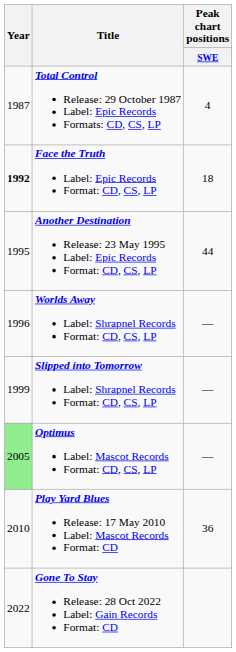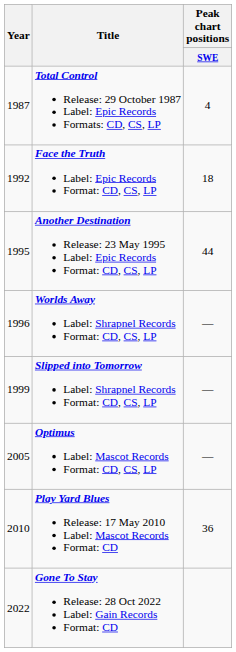 <table class="wikitable">
 <tr>
 <th rowspan="2">Year</th>
 <th rowspan="2">Title</th>
 <th colspan="1">Peak chart positions</th>
 </tr>
 <tr>
 <th width="30"><small><a href='#'>SWE</a></small><br></th>
 </tr>
 <tr>
 <td rowspan="1" align="center">1987</td>
 <td><strong><em><a href='#'>Total Control</a></em></strong><br><ul><li>Release:  29 October 1987</li><li>Label: <a href='#'>Epic Records</a></li><li>Formats: <a href='#'>CD</a>, <a href='#'>CS</a>, <a href='#'>LP</a></li></ul></td>
 <td align="center">4</td>
 </tr>
 <tr>
-<td rowspan="1" align="center"><strong>1992</strong></td>
+<td rowspan="1" align="center">1992</td>
 <td><strong><em><a href='#'>Face the Truth</a></em></strong><br><ul><li>Label: <a href='#'>Epic Records</a></li><li>Format: <a href='#'>CD</a>, <a href='#'>CS</a>, <a href='#'>LP</a></li></ul></td>
 <td align="center">18</td>
 </tr>
 <tr>
 <td rowspan="1" align="center">1995</td>
 <td><strong><em><a href='#'>Another Destination</a></em></strong><br><ul><li>Release:  23 May 1995</li><li>Label: <a href='#'>Epic Records</a></li><li>Format: <a href='#'>CD</a>, <a href='#'>CS</a>, <a href='#'>LP</a></li></ul></td>
 <td align="center">44</td>
 </tr>
 <tr>
 <td rowspan="1" align="center">1996</td>
 <td><strong><em><a href='#'>Worlds Away</a></em></strong><br><ul><li>Label: <a href='#'>Shrapnel Records</a></li><li>Format: <a href='#'>CD</a>, <a href='#'>CS</a>, <a href='#'>LP</a></li></ul></td>
 <td align="center">—</td>
 </tr>
 <tr>
 <td rowspan="1" align="center">1999</td>
 <td><strong><em><a href='#'>Slipped into Tomorrow</a></em></strong><br><ul><li>Label: <a href='#'>Shrapnel Records</a></li><li>Format: <a href='#'>CD</a>, <a href='#'>CS</a>, <a href='#'>LP</a></li></ul></td>
 <td align="center">—</td>
 </tr>
 <tr>
-<td rowspan="1" align="center" style="background: lightgreen;">2005</td>
+<td rowspan="1" align="center">2005</td>
 <td><strong><em><a href='#'>Optimus</a></em></strong><br><ul><li>Label: <a href='#'>Mascot Records</a></li><li>Format: <a href='#'>CD</a>, <a href='#'>CS</a>, <a href='#'>LP</a></li></ul></td>
 <td align="center">—</td>
 </tr>
 <tr>
 <td rowspan="1" align="center">2010</td>
 <td><strong><em><a href='#'>Play Yard Blues</a></em></strong><br><ul><li>Release: 17 May 2010</li><li>Label: <a href='#'>Mascot Records</a></li><li>Format: <a href='#'>CD</a></li></ul></td>
 <td align="center">36</td>
 </tr>
 <tr>
 <td rowspan="1" align="center">2022</td>
 <td><strong><em><a href='#'>Gone To Stay</a></em></strong><br><ul><li>Release: 28 Oct 2022</li><li>Label: <a href='#'>Gain Records</a></li><li>Format: <a href='#'>CD</a></li></ul></td>
 <td align="center"></td>
 </tr>
 </table>
